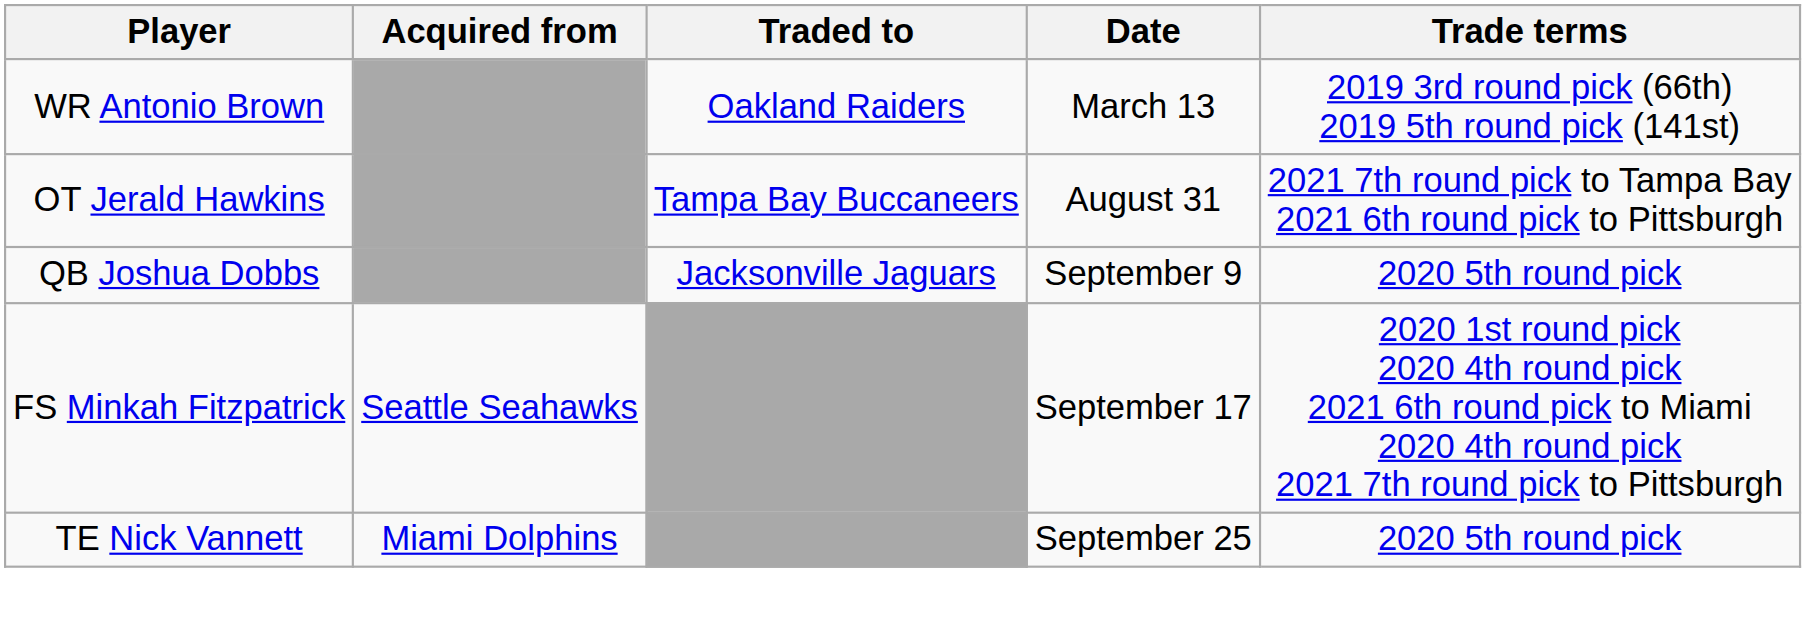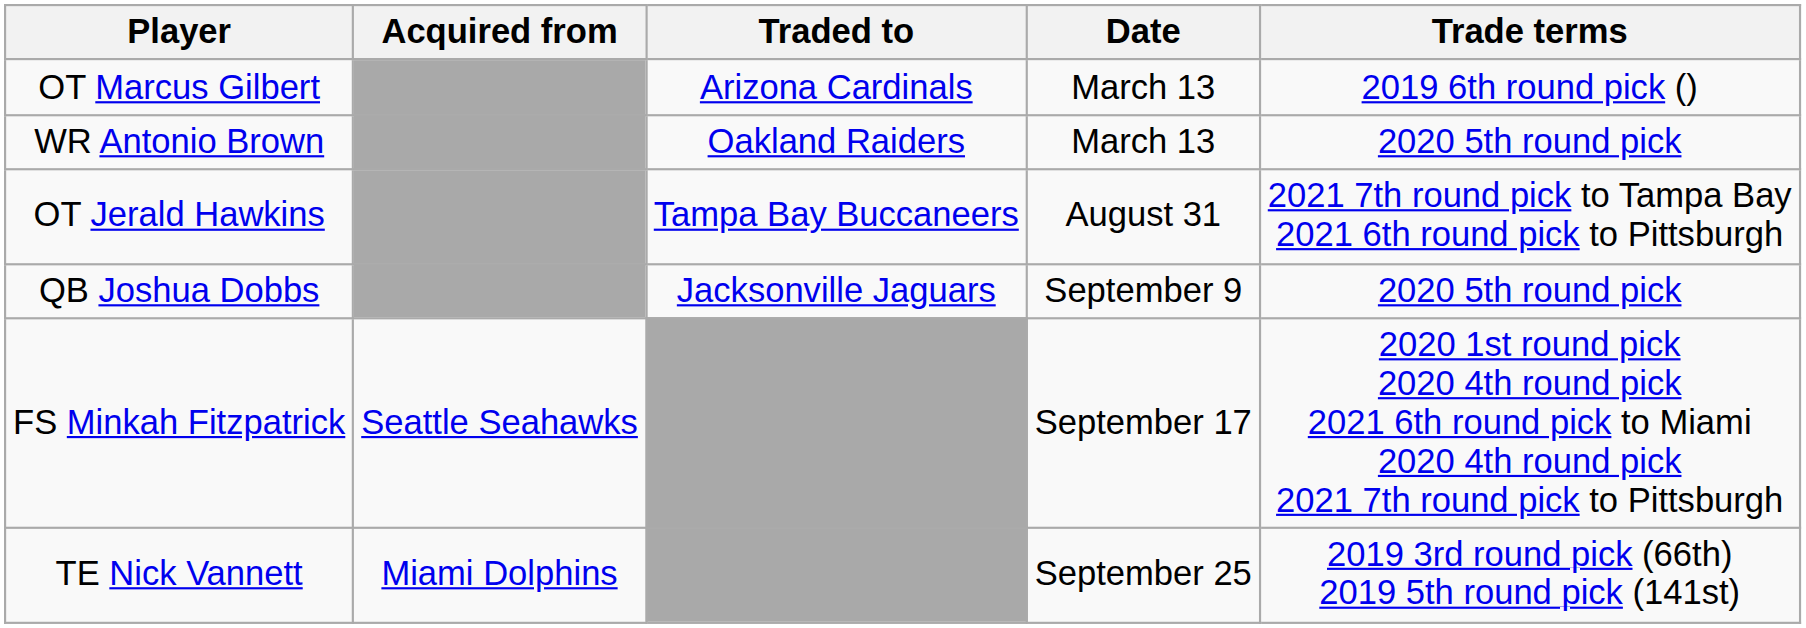 <table class="wikitable" style="text-align:center">
 <tr>
 <th>Player</th>
 <th>Acquired from</th>
 <th>Traded to</th>
 <th>Date</th>
 <th>Trade terms</th>
 </tr>
 <tr>
+<td>OT <a href='#'>Marcus Gilbert</a></td>
+<td style="background:darkgray"></td>
+<td><a href='#'>Arizona Cardinals</a></td>
+<td>March 13</td>
+<td><a href='#'>2019 6th round pick</a> ()</td>
+</tr>
+<tr>
 <td>WR <a href='#'>Antonio Brown</a></td>
 <td style="background:darkgray"></td>
 <td><a href='#'>Oakland Raiders</a></td>
 <td>March 13</td>
-<td><a href='#'>2019 3rd round pick</a> (66th)<br><a href='#'>2019 5th round pick</a> (141st)</td>
+<td><a href='#'>2020 5th round pick</a></td>
 </tr>
 <tr>
 <td>OT <a href='#'>Jerald Hawkins</a></td>
 <td style="background:darkgray"></td>
 <td><a href='#'>Tampa Bay Buccaneers</a></td>
 <td>August 31</td>
 <td><a href='#'>2021 7th round pick</a> to Tampa Bay <br> <a href='#'>2021 6th round pick</a> to Pittsburgh</td>
 </tr>
 <tr>
 <td>QB <a href='#'>Joshua Dobbs</a></td>
 <td style="background:darkgray"></td>
 <td><a href='#'>Jacksonville Jaguars</a></td>
 <td>September 9</td>
 <td><a href='#'>2020 5th round pick</a></td>
 </tr>
 <tr>
 <td>FS <a href='#'>Minkah Fitzpatrick</a></td>
 <td><a href='#'>Seattle Seahawks</a></td>
 <td style="background:darkgray"></td>
 <td>September 17</td>
 <td><a href='#'>2020 1st round pick</a><br><a href='#'>2020 4th round pick</a><br><a href='#'>2021 6th round pick</a> to Miami <br> <a href='#'>2020 4th round pick</a><br><a href='#'>2021 7th round pick</a> to Pittsburgh</td>
 </tr>
 <tr>
 <td>TE <a href='#'>Nick Vannett</a></td>
 <td><a href='#'>Miami Dolphins</a></td>
 <td style="background:darkgray"></td>
 <td>September 25</td>
-<td><a href='#'>2020 5th round pick</a></td>
+<td><a href='#'>2019 3rd round pick</a> (66th)<br><a href='#'>2019 5th round pick</a> (141st)</td>
 </tr>
 </table>
